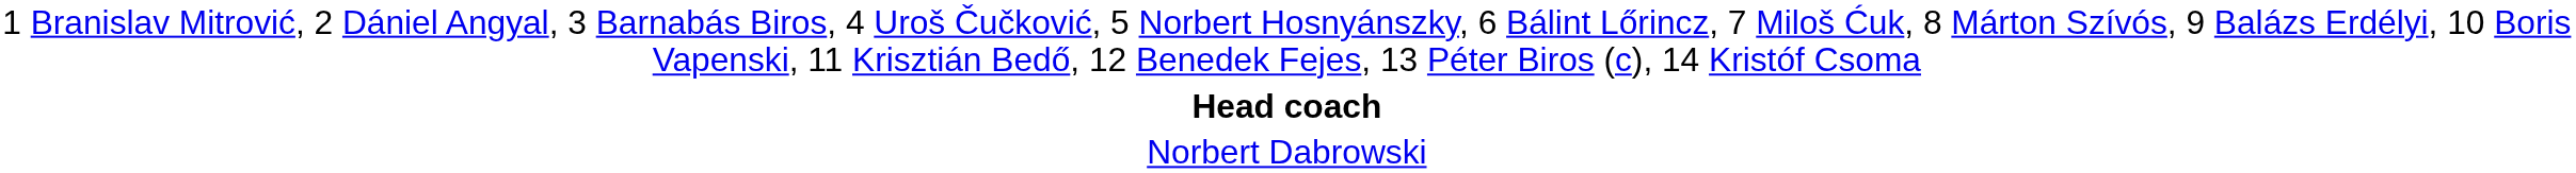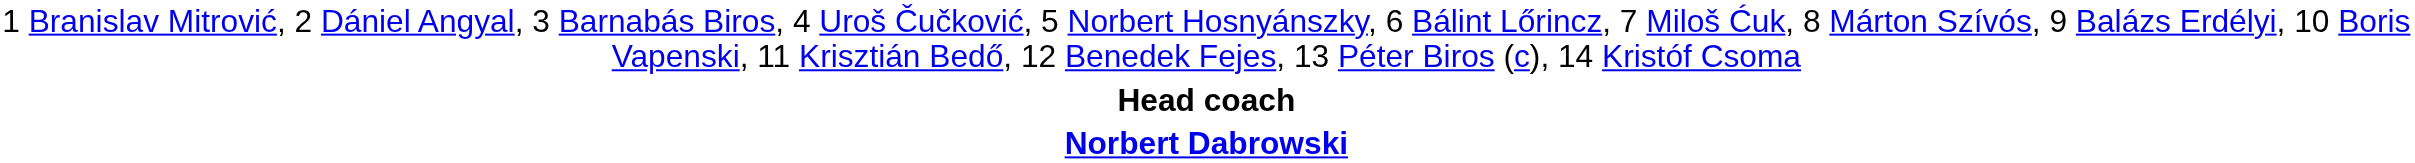 <table style="text-align: center; margin-top: 2em; margin-left: auto; margin-right: auto">
 <tr>
 <td>1 <a href='#'>Branislav Mitrović</a>, 2 <a href='#'>Dániel Angyal</a>, 3 <a href='#'>Barnabás Biros</a>, 4 <a href='#'>Uroš Čučković</a>, 5 <a href='#'>Norbert Hosnyánszky</a>, 6 <a href='#'>Bálint Lőrincz</a>, 7 <a href='#'>Miloš Ćuk</a>, 8 <a href='#'>Márton Szívós</a>, 9 <a href='#'>Balázs Erdélyi</a>, 10 <a href='#'>Boris Vapenski</a>, 11 <a href='#'>Krisztián Bedő</a>, 12 <a href='#'>Benedek Fejes</a>, 13 <a href='#'>Péter Biros</a> (<a href='#'>c</a>), 14 <a href='#'>Kristóf Csoma</a></td>
 </tr>
 <tr>
 <td><strong>Head coach</strong></td>
 </tr>
 <tr>
-<td><a href='#'>Norbert Dabrowski</a></td>
+<td><strong><a href='#'>Norbert Dabrowski</a></strong></td>
 </tr>
 </table>
